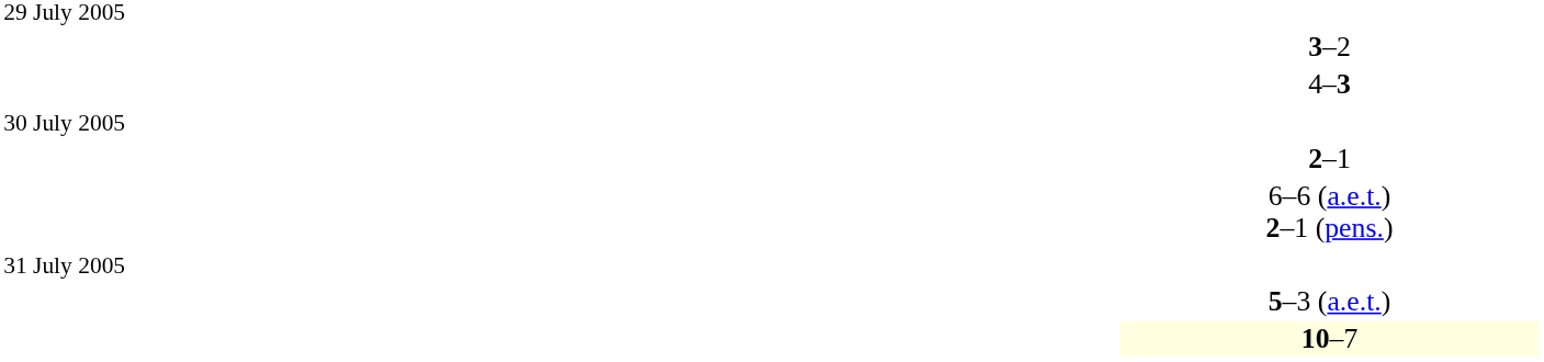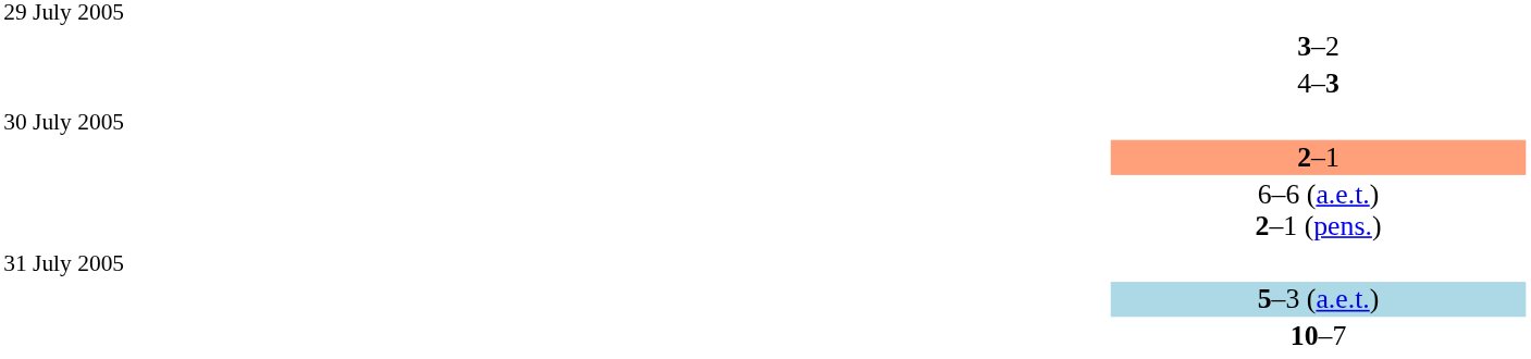 <table width=100% cellspacing=1>
 <tr>
 <th width=40%></th>
 <th width=15%></th>
 <th></th>
 </tr>
 <tr>
 <td><small>29 July 2005</small></td>
 </tr>
 <tr>
 <td align=right><strong></strong></td>
 <td align=center><strong>3</strong>–2</td>
 <td></td>
 </tr>
 <tr>
 <td align=right></td>
 <td align=center>4–<strong>3</strong></td>
 <td><strong></strong></td>
 </tr>
 <tr>
 <td><small>30 July 2005</small></td>
 </tr>
 <tr>
 <td align=right><strong></strong></td>
-<td align=center><strong>2</strong>–1</td>
+<td align=center style="background: lightsalmon;"><strong>2</strong>–1</td>
 <td></td>
 </tr>
 <tr>
 <td align=right><strong></strong></td>
 <td align=center>6–6 (<a href='#'>a.e.t.</a>)<br><strong>2</strong>–1 (<a href='#'>pens.</a>)</td>
 <td></td>
 </tr>
 <tr>
 <td><small>31 July 2005</small></td>
 </tr>
 <tr>
 <td align=right><strong></strong></td>
-<td align=center><strong>5</strong>–3 (<a href='#'>a.e.t.</a>)</td>
+<td align=center style="background: lightblue;"><strong>5</strong>–3 (<a href='#'>a.e.t.</a>)</td>
 <td></td>
 </tr>
 <tr>
 <td align=right><strong></strong></td>
-<td align=center style="background: lightyellow;"><strong>10</strong>–7</td>
+<td align=center><strong>10</strong>–7</td>
 <td></td>
 </tr>
 </table>
